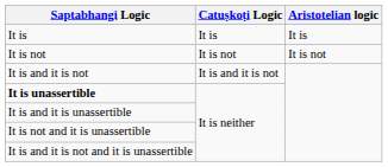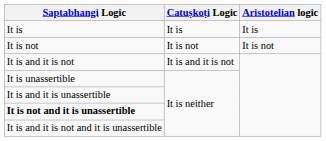 <table class="wikitable">
 <tr>
 <th><a href='#'>Saptabhangi</a> Logic</th>
 <th><a href='#'>Catuṣkoṭi</a> Logic</th>
 <th><a href='#'>Aristotelian</a> logic</th>
 </tr>
 <tr>
 <td>It is<br></td>
 <td>It is</td>
 <td>It is</td>
 </tr>
 <tr>
 <td>It is not<br></td>
 <td>It is not</td>
 <td>It is not</td>
 </tr>
 <tr>
 <td>It is and it is not<br></td>
 <td>It is and it is not</td>
 <td rowspan="5"></td>
 </tr>
 <tr>
-<td><strong>It is unassertible<br></strong></td>
+<td>It is unassertible<br></td>
 <td rowspan="4">It is neither<br></td>
 </tr>
 <tr>
 <td>It is and it is unassertible<br></td>
 </tr>
 <tr>
-<td>It is not and it is unassertible<br></td>
+<td><strong>It is not and it is unassertible<br></strong></td>
 </tr>
 <tr>
 <td>It is and it is not and it is unassertible<br></td>
 </tr>
 </table>
